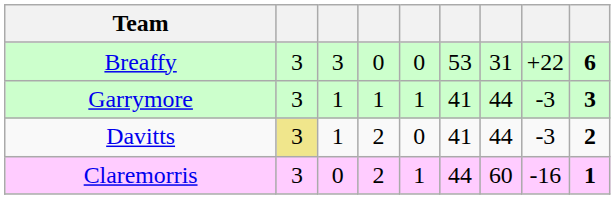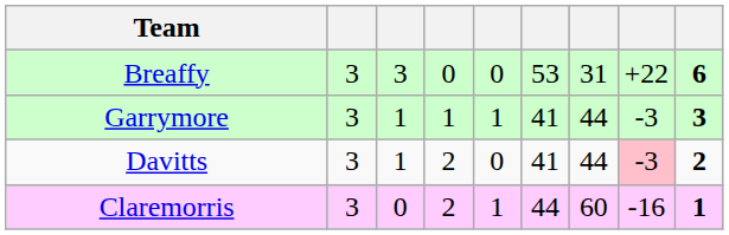 <table class="wikitable" style="text-align:center">
 <tr>
 <th style="width:175px;">Team</th>
 <th width="20"></th>
 <th width="20"></th>
 <th width="20"></th>
 <th width="20"></th>
 <th width="20"></th>
 <th width="20"></th>
 <th width="20"></th>
 <th width="20"></th>
 </tr>
 <tr style="background:#cfc;">
 <td><a href='#'>Breaffy</a></td>
 <td>3</td>
 <td>3</td>
 <td>0</td>
 <td>0</td>
 <td>53</td>
 <td>31</td>
 <td>+22</td>
 <td><strong>6</strong></td>
 </tr>
 <tr style="background:#cfc;">
 <td><a href='#'>Garrymore</a></td>
 <td>3</td>
 <td>1</td>
 <td>1</td>
 <td>1</td>
 <td>41</td>
 <td>44</td>
 <td>-3</td>
 <td><strong>3</strong></td>
 </tr>
 <tr>
 <td><a href='#'>Davitts</a></td>
-<td style="background: khaki;">3</td>
+<td>3</td>
 <td>1</td>
 <td>2</td>
 <td>0</td>
 <td>41</td>
 <td>44</td>
-<td>-3</td>
+<td style="background: pink;">-3</td>
 <td><strong>2</strong></td>
 </tr>
 <tr style="background:#fcf;">
 <td><a href='#'>Claremorris</a></td>
 <td>3</td>
 <td>0</td>
 <td>2</td>
 <td>1</td>
 <td>44</td>
 <td>60</td>
 <td>-16</td>
 <td><strong>1</strong></td>
 </tr>
 </table>
